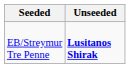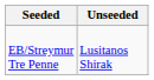 <table class="wikitable" style="font-size:80%">
 <tr>
 <th width=50%>Seeded</th>
 <th width=50%>Unseeded</th>
 </tr>
 <tr>
 <td valign=top><br> <a href='#'>EB/Streymur</a><br>  <a href='#'>Tre Penne</a></td>
-<td valign=top><strong><br> <a href='#'>Lusitanos</a><br>  <a href='#'>Shirak</a></strong></td>
+<td valign=top><br> <a href='#'>Lusitanos</a><br>  <a href='#'>Shirak</a></td>
 </tr>
 </table>
